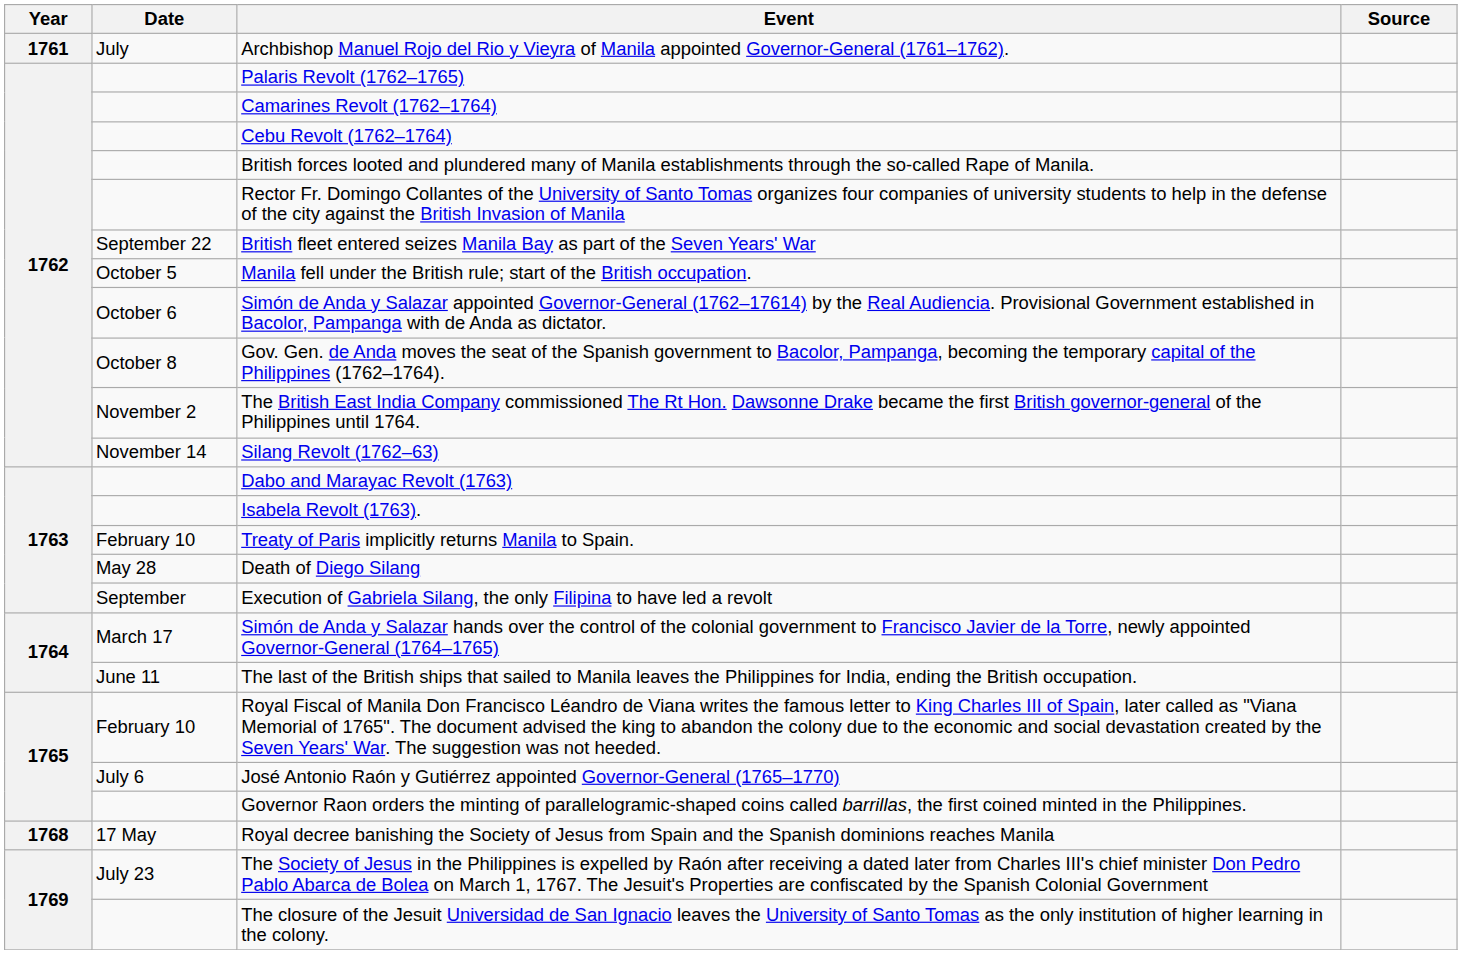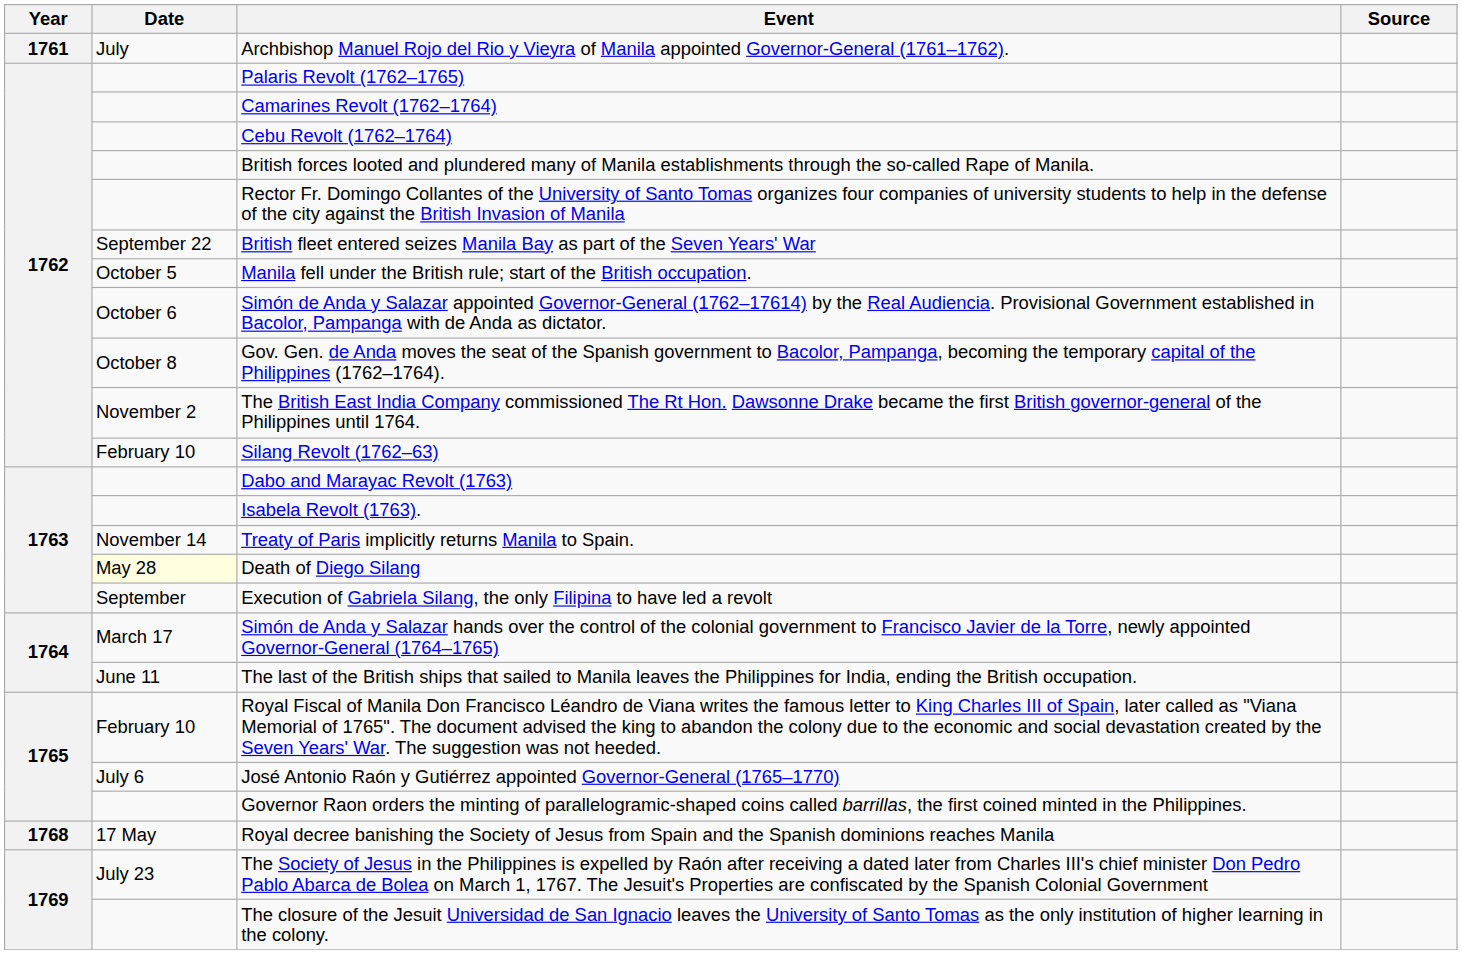 <table class="wikitable toptextcells" style="width:100%;">
 <tr>
 <th scope="col" style="width:6%;">Year</th>
 <th scope="col" style="width:10%;">Date</th>
 <th scope="col">Event</th>
 <th scope="col" style="width:8%;">Source</th>
 </tr>
 <tr>
 <th scope="row">1761</th>
 <td>July</td>
 <td>Archbishop <a href='#'>Manuel Rojo del Rio y Vieyra</a> of <a href='#'>Manila</a> appointed <a href='#'>Governor-General (1761–1762)</a>.</td>
 <td></td>
 </tr>
 <tr>
 <th scope="row" rowspan="11">1762</th>
 <td></td>
 <td><a href='#'>Palaris Revolt (1762–1765)</a></td>
 <td></td>
 </tr>
 <tr>
 <td></td>
 <td><a href='#'>Camarines Revolt (1762–1764)</a></td>
 <td></td>
 </tr>
 <tr>
 <td></td>
 <td><a href='#'>Cebu Revolt (1762–1764)</a></td>
 <td></td>
 </tr>
 <tr>
 <td></td>
 <td>British forces looted and plundered many of Manila establishments through the so-called Rape of Manila.</td>
 <td></td>
 </tr>
 <tr>
 <td></td>
 <td>Rector Fr. Domingo Collantes of the <a href='#'>University of Santo Tomas</a> organizes four companies of university students to help in the defense of the city against the <a href='#'>British Invasion of Manila</a></td>
 <td></td>
 </tr>
 <tr>
 <td>September 22</td>
 <td><a href='#'>British</a> fleet entered seizes <a href='#'>Manila Bay</a> as part of the <a href='#'>Seven Years' War</a></td>
 <td></td>
 </tr>
 <tr>
 <td>October 5</td>
 <td><a href='#'>Manila</a> fell under the British rule; start of the <a href='#'>British occupation</a>.</td>
 <td><br></td>
 </tr>
 <tr>
 <td>October 6</td>
 <td><a href='#'>Simón de Anda y Salazar</a> appointed <a href='#'>Governor-General (1762–17614)</a> by the <a href='#'>Real Audiencia</a>. Provisional Government established in <a href='#'>Bacolor, Pampanga</a> with de Anda as dictator.</td>
 <td></td>
 </tr>
 <tr>
 <td>October 8</td>
 <td>Gov. Gen. <a href='#'>de Anda</a> moves the seat of the Spanish government to <a href='#'>Bacolor, Pampanga</a>, becoming the temporary <a href='#'>capital of the Philippines</a> (1762–1764).</td>
 <td></td>
 </tr>
 <tr>
 <td>November 2</td>
 <td>The <a href='#'>British East India Company</a> commissioned <a href='#'>The Rt Hon.</a> <a href='#'>Dawsonne Drake</a> became the first <a href='#'>British governor-general</a> of the Philippines until 1764.</td>
 <td></td>
 </tr>
 <tr>
-<td>November 14</td>
+<td>February 10</td>
 <td><a href='#'>Silang Revolt (1762–63)</a></td>
 <td></td>
 </tr>
 <tr>
 <th scope="row" rowspan="5">1763</th>
 <td></td>
 <td><a href='#'>Dabo and Marayac Revolt (1763)</a></td>
 <td></td>
 </tr>
 <tr>
 <td></td>
 <td><a href='#'>Isabela Revolt (1763)</a>.</td>
 <td></td>
 </tr>
 <tr>
-<td>February 10</td>
+<td>November 14</td>
 <td><a href='#'>Treaty of Paris</a> implicitly returns <a href='#'>Manila</a> to Spain.</td>
 <td></td>
 </tr>
 <tr>
-<td>May 28</td>
+<td style="background: lightyellow;">May 28</td>
 <td>Death of <a href='#'>Diego Silang</a></td>
 <td><br></td>
 </tr>
 <tr>
 <td>September</td>
 <td>Execution of <a href='#'>Gabriela Silang</a>, the only <a href='#'>Filipina</a> to have led a revolt</td>
 <td></td>
 </tr>
 <tr>
 <th scope="row" rowspan="2">1764</th>
 <td>March 17</td>
 <td><a href='#'>Simón de Anda y Salazar</a> hands over the control of the colonial government to <a href='#'>Francisco Javier de la Torre</a>, newly appointed <a href='#'>Governor-General (1764–1765)</a></td>
 <td></td>
 </tr>
 <tr>
 <td>June 11</td>
 <td>The last of the British ships that sailed to Manila leaves the Philippines for India, ending the British occupation.</td>
 <td><br></td>
 </tr>
 <tr>
 <th scope="row" rowspan="3">1765</th>
 <td>February 10</td>
 <td>Royal Fiscal of Manila Don Francisco Léandro de Viana writes the famous letter to <a href='#'>King Charles III of Spain</a>, later called as "Viana Memorial of 1765". The document advised the king to abandon the colony due to the economic and social devastation created by the <a href='#'>Seven Years' War</a>. The suggestion was not heeded.</td>
 <td></td>
 </tr>
 <tr>
 <td>July 6</td>
 <td>José Antonio Raón y Gutiérrez appointed <a href='#'>Governor-General (1765–1770)</a></td>
 <td></td>
 </tr>
 <tr>
 <td></td>
 <td>Governor Raon orders the minting of parallelogramic-shaped coins called <em>barrillas</em>, the first coined minted in the Philippines.</td>
 <td></td>
 </tr>
 <tr>
 <th scope="row">1768</th>
 <td>17 May</td>
 <td>Royal decree banishing the Society of Jesus from Spain and the Spanish dominions reaches Manila</td>
 <td></td>
 </tr>
 <tr>
 <th scope="row" rowspan="2">1769</th>
 <td>July 23</td>
 <td>The <a href='#'>Society of Jesus</a> in the Philippines is expelled by Raón after receiving a dated later from Charles III's chief minister <a href='#'>Don Pedro Pablo Abarca de Bolea</a> on March 1, 1767. The Jesuit's Properties are confiscated by the Spanish Colonial Government</td>
 <td></td>
 </tr>
 <tr>
 <td></td>
 <td>The closure of the Jesuit <a href='#'>Universidad de San Ignacio</a> leaves the <a href='#'>University of Santo Tomas</a> as the only institution of higher learning in the colony.</td>
 <td></td>
 </tr>
 </table>
